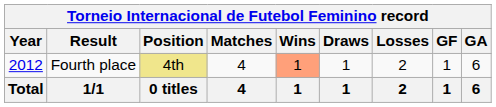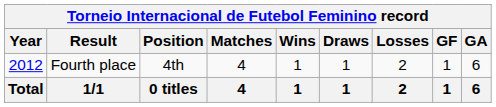 <table class="wikitable" style="text-align: center;">
 <tr>
 <th colspan=9> <a href='#'>Torneio Internacional de Futebol Feminino</a> record</th>
 </tr>
 <tr>
 <th>Year</th>
 <th>Result</th>
 <th>Position</th>
 <th>Matches</th>
 <th>Wins</th>
 <th>Draws</th>
 <th>Losses</th>
 <th>GF</th>
 <th>GA</th>
 </tr>
 <tr>
 <td> <a href='#'>2012</a></td>
 <td>Fourth place</td>
-<td style="background: khaki;">4th</td>
+<td>4th</td>
 <td>4</td>
-<td style="background: lightsalmon;">1</td>
+<td>1</td>
 <td>1</td>
 <td>2</td>
 <td>1</td>
 <td>6</td>
 </tr>
 <tr>
 <th>Total</th>
 <th>1/1</th>
 <th>0 titles</th>
 <th>4</th>
 <th>1</th>
 <th>1</th>
 <th>2</th>
 <th>1</th>
 <th>6</th>
 </tr>
 </table>
